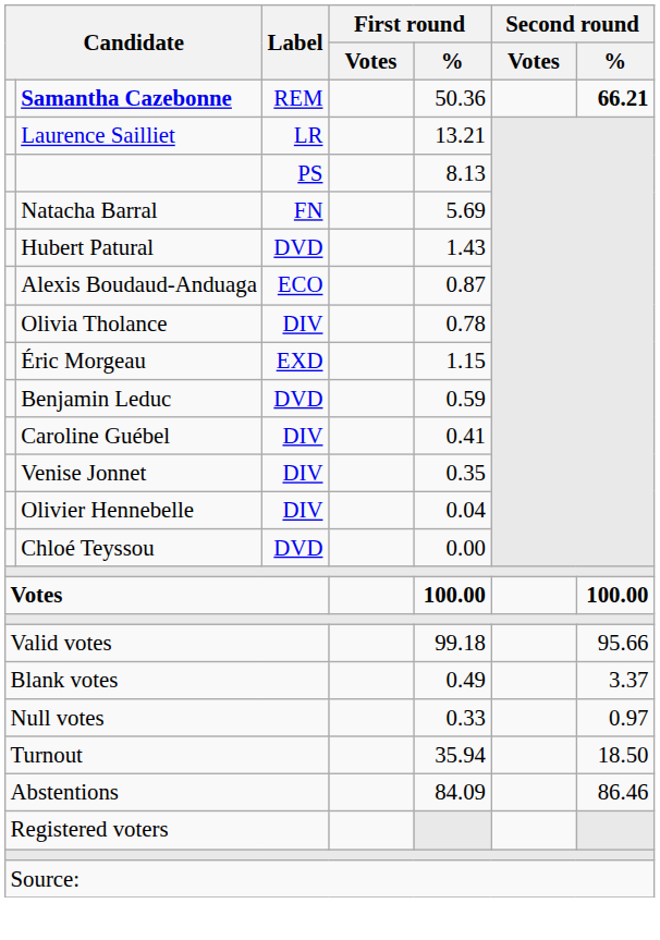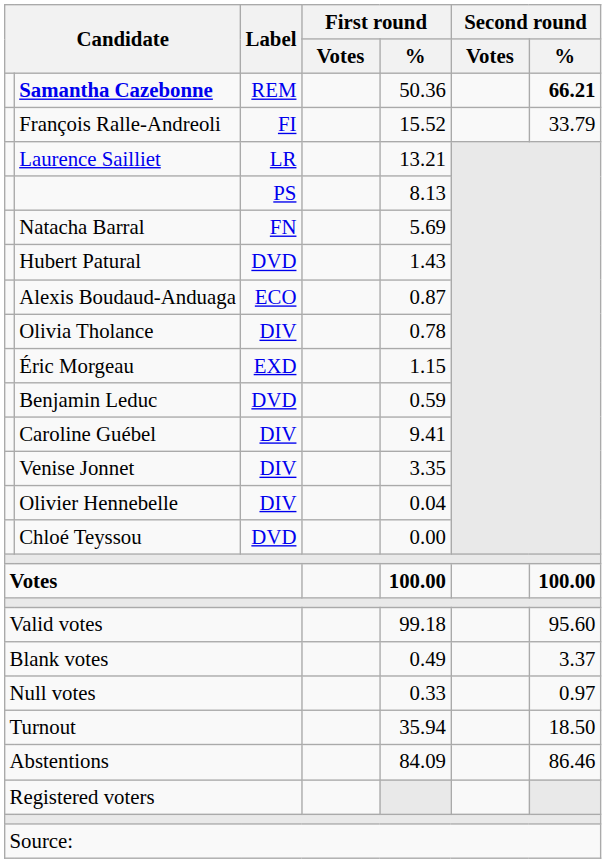 <table class="wikitable" style="text-align:right;font-size:95%;">
 <tr>
 <th rowspan="2" colspan="2">Candidate</th>
 <th rowspan="2">Label</th>
 <th colspan="2">First round</th>
 <th colspan="2">Second round</th>
 </tr>
 <tr>
 <th style="width:50px;">Votes</th>
 <th style="width:45px;">%</th>
 <th style="width:50px;">Votes</th>
 <th style="width:45px;">%</th>
 </tr>
 <tr>
 <td style="color:inherit;background:"></td>
 <td style="text-align:left;"><strong><a href='#'>Samantha Cazebonne</a></strong></td>
 <td><a href='#'>REM</a></td>
 <td></td>
 <td>50.36</td>
 <td><strong></strong></td>
 <td><strong>66.21</strong></td>
+</tr>
+<tr>
+<td style="color:inherit;background:"></td>
+<td style="text-align:left;">François Ralle-Andreoli</td>
+<td><a href='#'>FI</a></td>
+<td></td>
+<td>15.52</td>
+<td></td>
+<td>33.79</td>
 </tr>
 <tr>
 <td style="color:inherit;background:"></td>
 <td style="text-align:left;"><a href='#'>Laurence Sailliet</a></td>
 <td><a href='#'>LR</a></td>
 <td></td>
 <td>13.21</td>
 <td colspan="2" rowspan="12" style="background:#E9E9E9;"></td>
 </tr>
 <tr>
 <td style="color:inherit;background:"></td>
 <td style="text-align:left;"></td>
 <td><a href='#'>PS</a></td>
 <td></td>
 <td>8.13</td>
 </tr>
 <tr>
 <td style="color:inherit;background:"></td>
 <td style="text-align:left;">Natacha Barral</td>
 <td><a href='#'>FN</a></td>
 <td></td>
 <td>5.69</td>
 </tr>
 <tr>
 <td style="color:inherit;background:"></td>
 <td style="text-align:left;">Hubert Patural</td>
 <td><a href='#'>DVD</a></td>
 <td></td>
 <td>1.43</td>
 </tr>
 <tr>
 <td style="color:inherit;background:"></td>
 <td style="text-align:left;">Alexis Boudaud-Anduaga</td>
 <td><a href='#'>ECO</a></td>
 <td></td>
 <td>0.87</td>
 </tr>
 <tr>
 <td style="color:inherit;background:"></td>
 <td style="text-align:left;">Olivia Tholance</td>
 <td><a href='#'>DIV</a></td>
 <td></td>
 <td>0.78</td>
 </tr>
 <tr>
 <td style="color:inherit;background:"></td>
 <td style="text-align:left;">Éric Morgeau</td>
 <td><a href='#'>EXD</a></td>
 <td></td>
 <td>1.15</td>
 </tr>
 <tr>
 <td style="color:inherit;background:"></td>
 <td style="text-align:left;">Benjamin Leduc</td>
 <td><a href='#'>DVD</a></td>
 <td></td>
 <td>0.59</td>
 </tr>
 <tr>
 <td style="color:inherit;background:"></td>
 <td style="text-align:left;">Caroline Guébel</td>
 <td><a href='#'>DIV</a></td>
 <td></td>
-<td>0.41</td>
+<td>9.41</td>
 </tr>
 <tr>
 <td style="color:inherit;background:"></td>
 <td style="text-align:left;">Venise Jonnet</td>
 <td><a href='#'>DIV</a></td>
 <td></td>
-<td>0.35</td>
+<td>3.35</td>
 </tr>
 <tr>
 <td style="color:inherit;background:"></td>
 <td style="text-align:left;">Olivier Hennebelle</td>
 <td><a href='#'>DIV</a></td>
 <td></td>
 <td>0.04</td>
 </tr>
 <tr>
 <td style="color:inherit;background:"></td>
 <td style="text-align:left;">Chloé Teyssou</td>
 <td><a href='#'>DVD</a></td>
 <td></td>
 <td>0.00</td>
 </tr>
 <tr>
 <td colspan="7" style="background:#E9E9E9;"></td>
 </tr>
 <tr style="font-weight:bold;">
 <td colspan="3" style="text-align:left;">Votes</td>
 <td></td>
 <td>100.00</td>
 <td></td>
 <td>100.00</td>
 </tr>
 <tr>
 <td colspan="7" style="background:#E9E9E9;"></td>
 </tr>
 <tr>
 <td colspan="3" style="text-align:left;">Valid votes</td>
 <td></td>
 <td>99.18</td>
 <td></td>
-<td>95.66</td>
+<td>95.60</td>
 </tr>
 <tr>
 <td colspan="3" style="text-align:left;">Blank votes</td>
 <td></td>
 <td>0.49</td>
 <td></td>
 <td>3.37</td>
 </tr>
 <tr>
 <td colspan="3" style="text-align:left;">Null votes</td>
 <td></td>
 <td>0.33</td>
 <td></td>
 <td>0.97</td>
 </tr>
 <tr>
 <td colspan="3" style="text-align:left;">Turnout</td>
 <td></td>
 <td>35.94</td>
 <td></td>
 <td>18.50</td>
 </tr>
 <tr>
 <td colspan="3" style="text-align:left;">Abstentions</td>
 <td></td>
 <td>84.09</td>
 <td></td>
 <td>86.46</td>
 </tr>
 <tr>
 <td colspan="3" style="text-align:left;">Registered voters</td>
 <td></td>
 <td style="background:#E9E9E9;"></td>
 <td></td>
 <td style="background:#E9E9E9;"></td>
 </tr>
 <tr>
 <td colspan="7" style="background:#E9E9E9;"></td>
 </tr>
 <tr>
 <td colspan="7" style="text-align:left;">Source: </td>
 </tr>
 </table>
